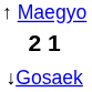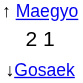 <table style="text-align:center">
 <tr>
 <td><small>↑ <a href='#'>Maegyo</a> </small></td>
 </tr>
 <tr>
-<td><strong><span>2</span>   <span>1</span></strong></td>
+<td><span>2</span>   <span>1</span></td>
 </tr>
 <tr>
 <td><small>↓<a href='#'>Gosaek</a> </small></td>
 </tr>
 </table>
